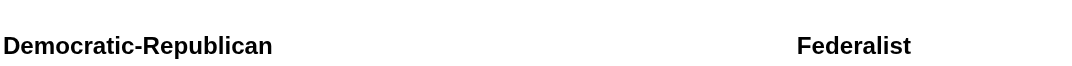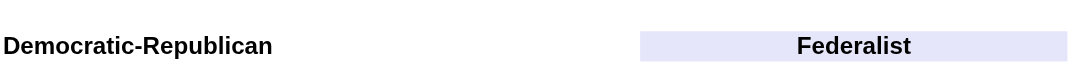 <table style="width:60%; text-align:center">
 <tr style="color:white">
 <td style="background:"><strong>116</strong></td>
 <td style="background:"><strong>26</strong></td>
 </tr>
 <tr>
 <td><span><strong>Democratic-Republican</strong></span></td>
-<td><span><strong>Federalist</strong></span></td>
+<td style="background: lavender;"><span><strong>Federalist</strong></span></td>
 </tr>
 </table>
